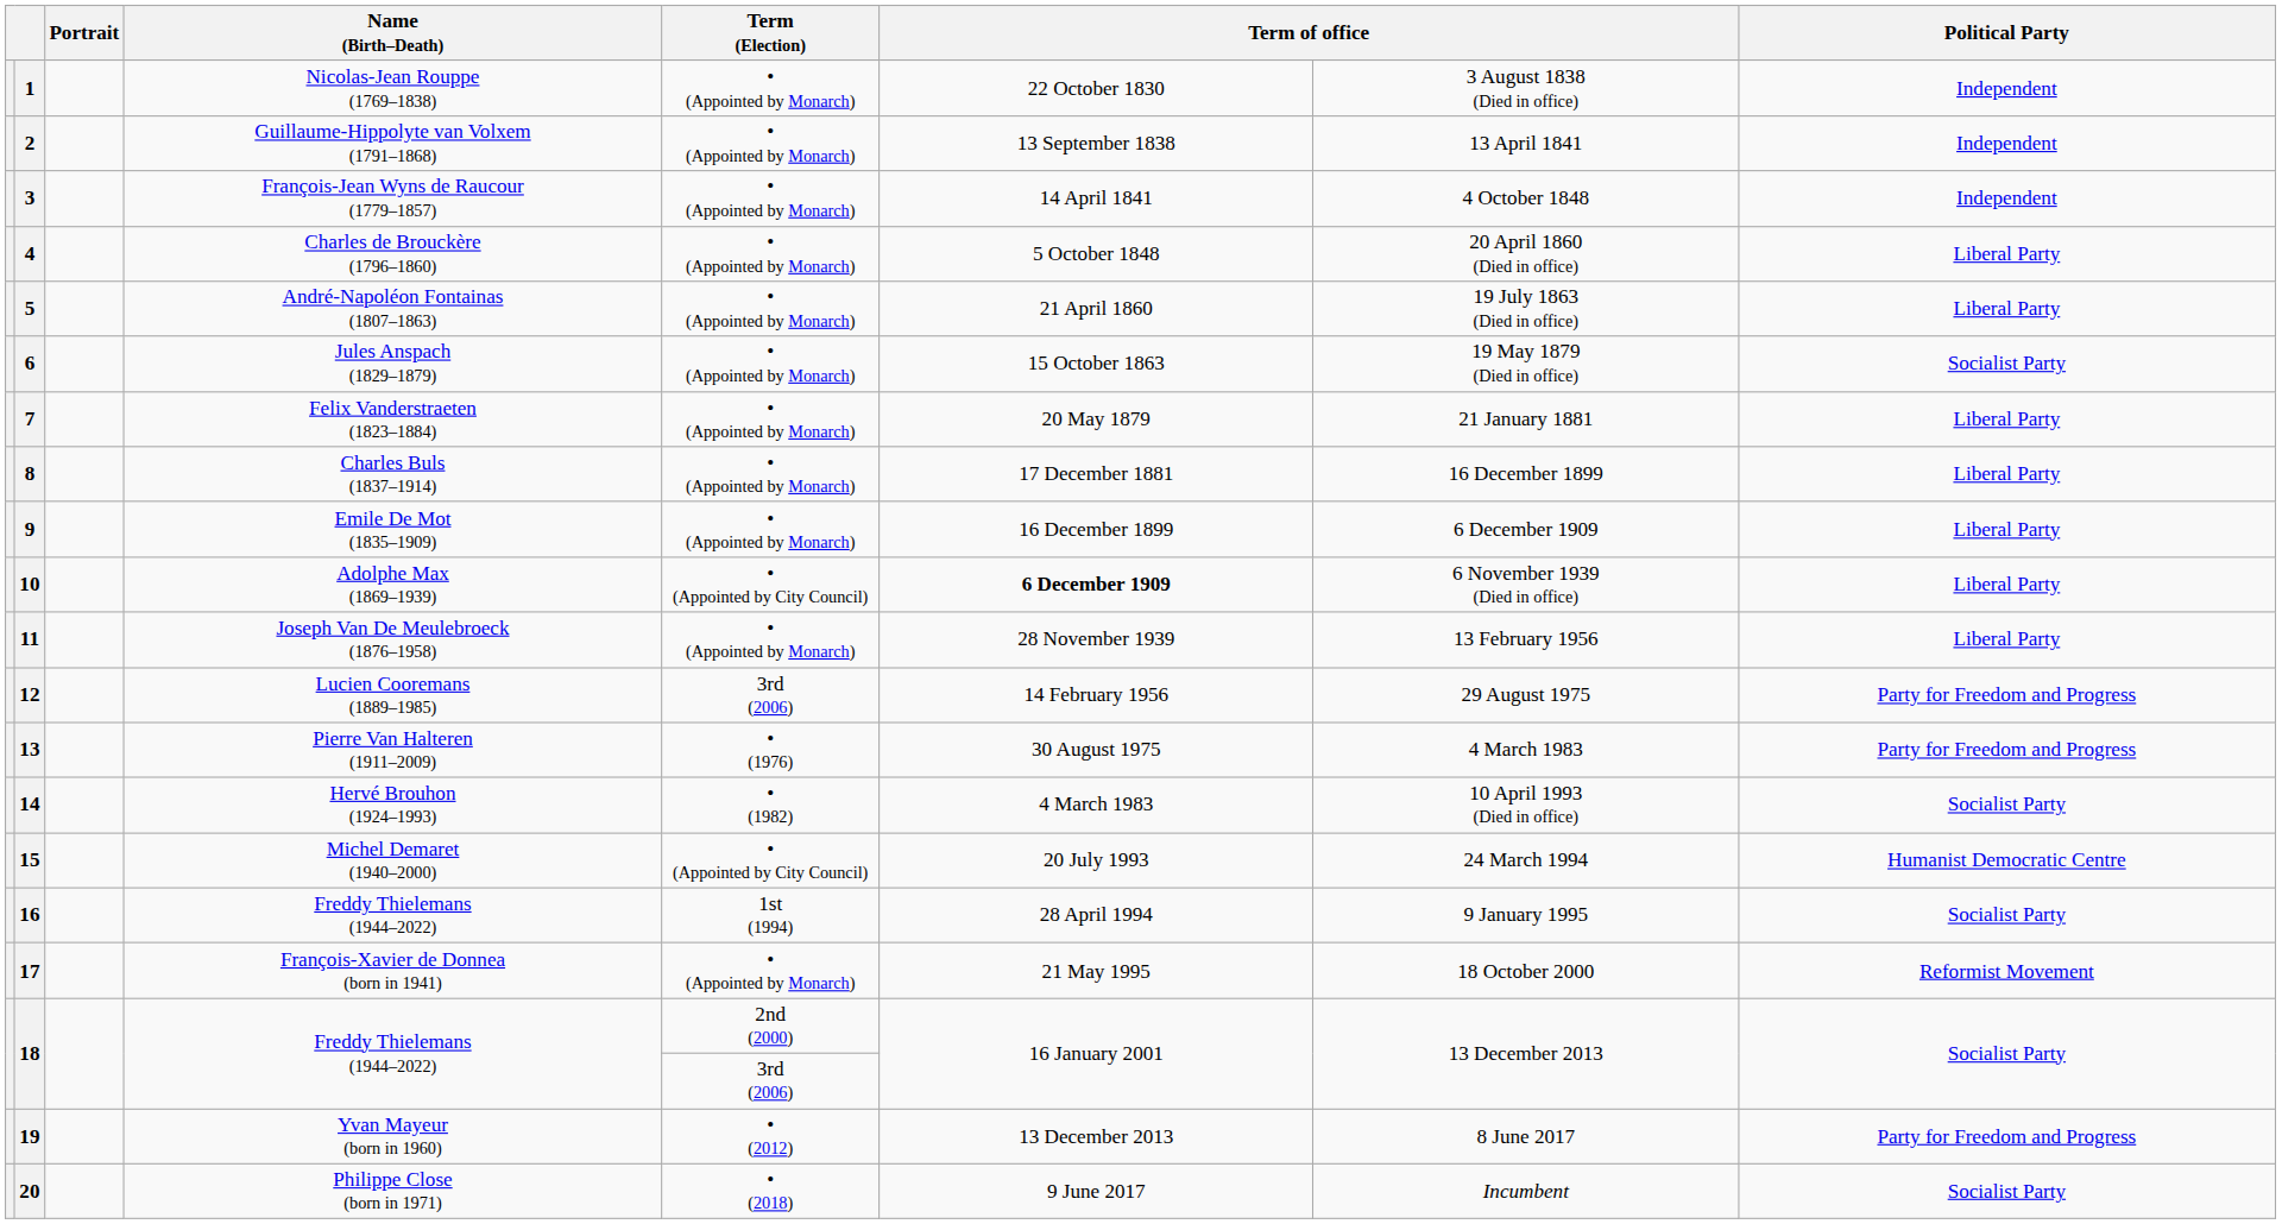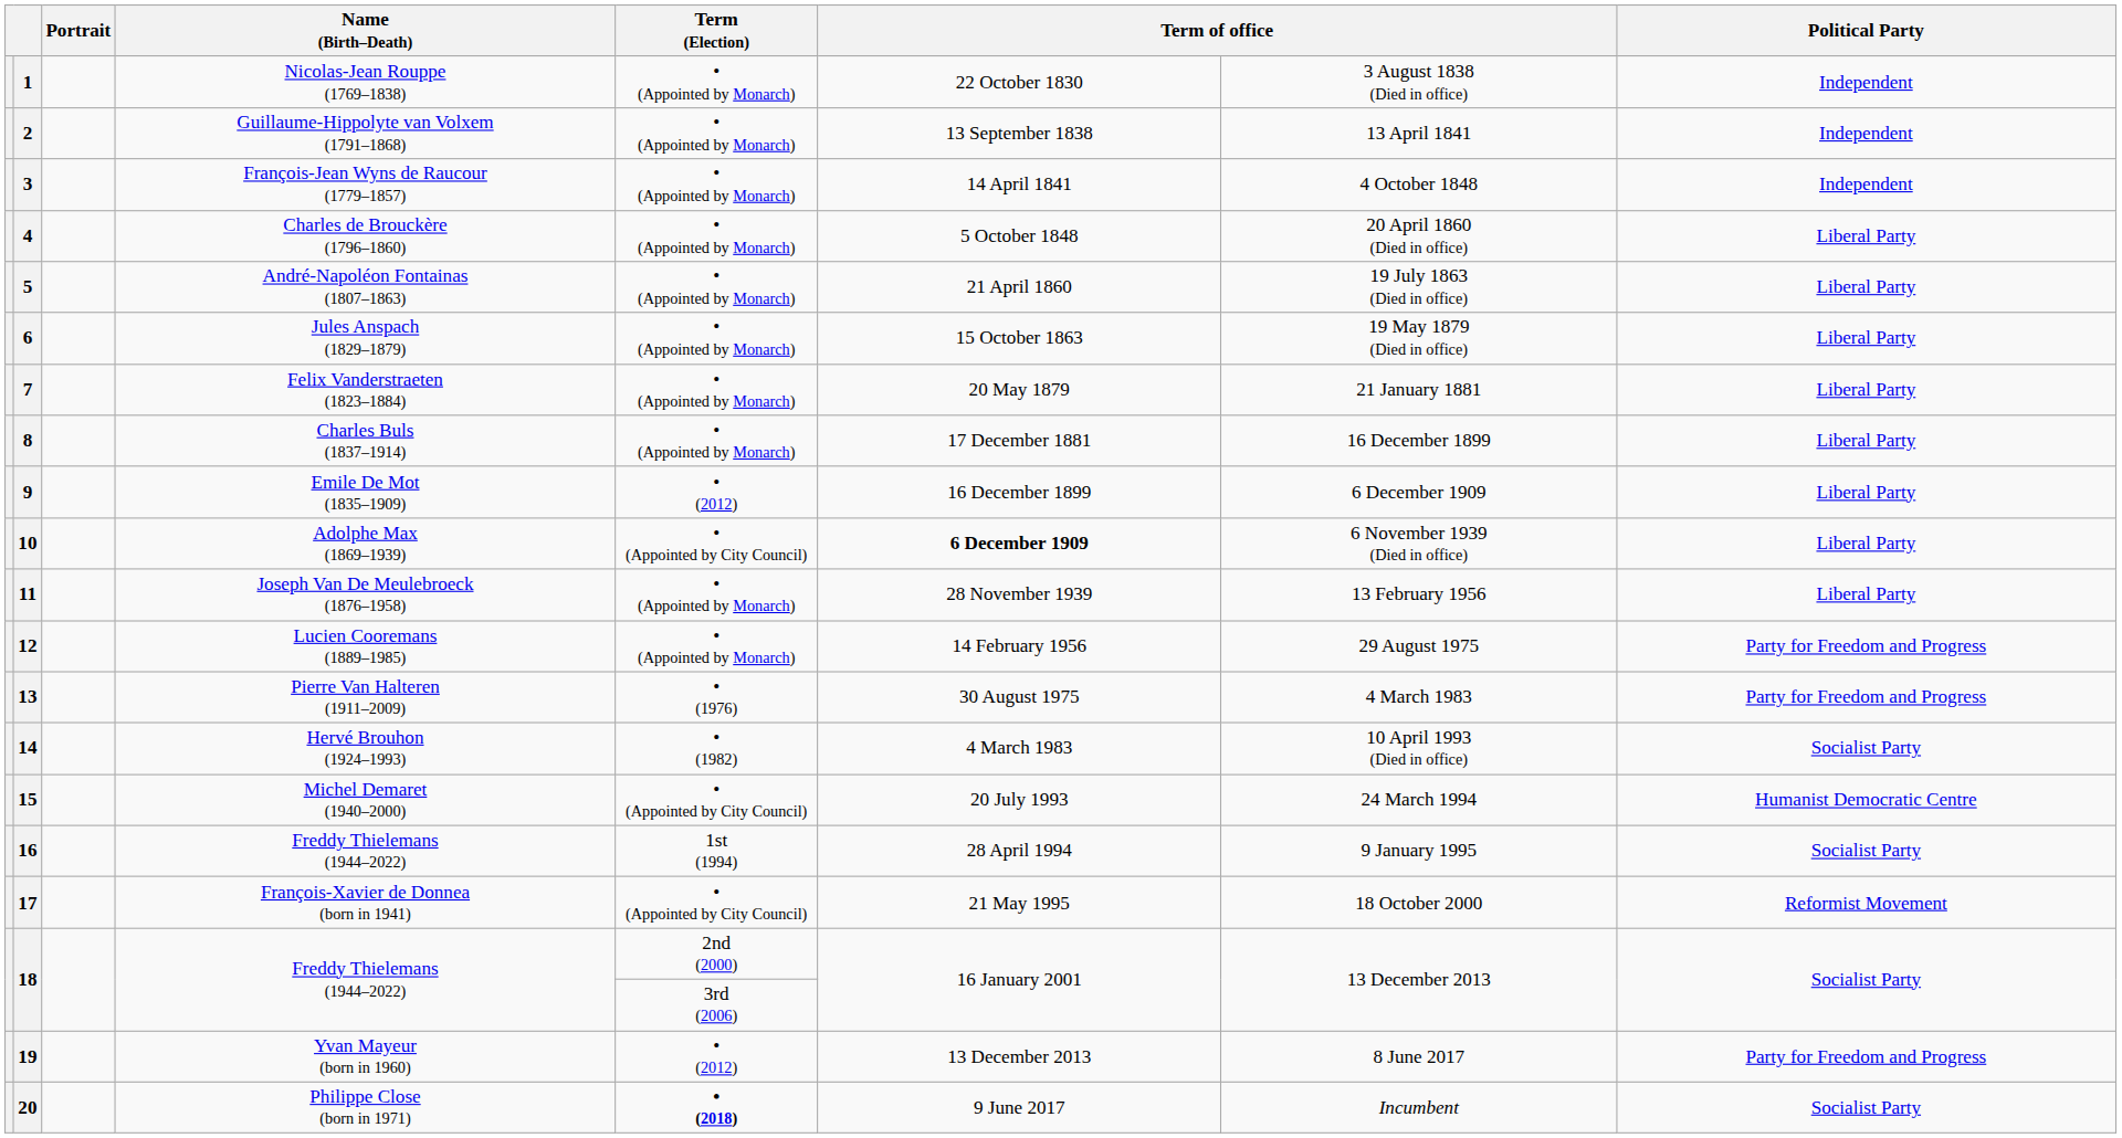 <table class="wikitable" style="width:90%; text-align:center;">
 <tr>
 <th colspan="2" width=20></th>
 <th width=70>Portrait</th>
 <th width=25%>Name<br><small>(Birth–Death)</small></th>
 <th width=10%>Term<br><small>(Election)</small></th>
 <th colspan="2" width=40%>Term of office</th>
 <th width=25%>Political Party</th>
 </tr>
 <tr>
 <th style="background:"></th>
 <th>1</th>
 <td></td>
 <td><a href='#'>Nicolas-Jean Rouppe</a><br><small>(1769–1838)</small></td>
 <td>•<br><small>(Appointed by <a href='#'>Monarch</a>)</small></td>
 <td>22 October 1830</td>
 <td>3 August 1838<br><small>(Died in office)</small></td>
 <td><a href='#'>Independent</a></td>
 </tr>
 <tr>
 <th style="background:"></th>
 <th>2</th>
 <td></td>
 <td><a href='#'>Guillaume-Hippolyte van Volxem</a><br><small>(1791–1868)</small></td>
 <td>•<br><small>(Appointed by <a href='#'>Monarch</a>)</small></td>
 <td>13 September 1838</td>
 <td>13 April 1841</td>
 <td><a href='#'>Independent</a></td>
 </tr>
 <tr>
 <th style="background:"></th>
 <th>3</th>
 <td></td>
 <td><a href='#'>François-Jean Wyns de Raucour</a><br><small>(1779–1857)</small></td>
 <td>•<br><small>(Appointed by <a href='#'>Monarch</a>)</small></td>
 <td>14 April 1841</td>
 <td>4 October 1848</td>
 <td><a href='#'>Independent</a></td>
 </tr>
 <tr>
 <th style="background:"></th>
 <th>4</th>
 <td></td>
 <td><a href='#'>Charles de Brouckère</a><br><small>(1796–1860)</small></td>
 <td>•<br><small>(Appointed by <a href='#'>Monarch</a>)</small></td>
 <td>5 October 1848</td>
 <td>20 April 1860<br><small>(Died in office)</small></td>
 <td><a href='#'>Liberal Party</a></td>
 </tr>
 <tr>
 <th style="background:"></th>
 <th>5</th>
 <td></td>
 <td><a href='#'>André-Napoléon Fontainas</a><br><small>(1807–1863)</small></td>
 <td>•<br><small>(Appointed by <a href='#'>Monarch</a>)</small></td>
 <td>21 April 1860</td>
 <td>19 July 1863<br><small>(Died in office)</small></td>
 <td><a href='#'>Liberal Party</a></td>
 </tr>
 <tr>
 <th style="background:"></th>
 <th>6</th>
 <td></td>
 <td><a href='#'>Jules Anspach</a><br><small>(1829–1879)</small></td>
 <td>•<br><small>(Appointed by <a href='#'>Monarch</a>)</small></td>
 <td>15 October 1863</td>
 <td>19 May 1879<br><small>(Died in office)</small></td>
-<td><a href='#'>Socialist Party</a></td>
+<td><a href='#'>Liberal Party</a></td>
 </tr>
 <tr>
 <th style="background:"></th>
 <th>7</th>
 <td></td>
 <td><a href='#'>Felix Vanderstraeten</a><br><small>(1823–1884)</small></td>
 <td>•<br><small>(Appointed by <a href='#'>Monarch</a>)</small></td>
 <td>20 May 1879</td>
 <td>21 January 1881</td>
 <td><a href='#'>Liberal Party</a></td>
 </tr>
 <tr>
 <th style="background:"></th>
 <th>8</th>
 <td></td>
 <td><a href='#'>Charles Buls</a><br><small>(1837–1914)</small></td>
 <td>•<br><small>(Appointed by <a href='#'>Monarch</a>)</small></td>
 <td>17 December 1881</td>
 <td>16 December 1899</td>
 <td><a href='#'>Liberal Party</a></td>
 </tr>
 <tr>
 <th style="background:"></th>
 <th>9</th>
 <td></td>
 <td><a href='#'>Emile De Mot</a><br><small>(1835–1909)</small></td>
-<td>•<br><small>(Appointed by <a href='#'>Monarch</a>)</small></td>
+<td>•<br><small>(<a href='#'>2012</a>)</small></td>
 <td>16 December 1899</td>
 <td>6 December 1909</td>
 <td><a href='#'>Liberal Party</a></td>
 </tr>
 <tr>
 <th style="background:"></th>
 <th>10</th>
 <td></td>
 <td><a href='#'>Adolphe Max</a><br><small>(1869–1939)</small></td>
 <td>•<br><small>(Appointed by City Council)</small></td>
 <td><strong>6 December 1909</strong></td>
 <td>6 November 1939<br><small>(Died in office)</small></td>
 <td><a href='#'>Liberal Party</a></td>
 </tr>
 <tr>
 <th style="background:"></th>
 <th>11</th>
 <td></td>
 <td><a href='#'>Joseph Van De Meulebroeck</a><br><small>(1876–1958)</small></td>
 <td>•<br><small>(Appointed by <a href='#'>Monarch</a>)</small></td>
 <td>28 November 1939</td>
 <td>13 February 1956</td>
 <td><a href='#'>Liberal Party</a></td>
 </tr>
 <tr>
 <th style="background:"></th>
 <th>12</th>
 <td></td>
 <td><a href='#'>Lucien Cooremans</a><br><small>(1889–1985)</small></td>
-<td>3rd<br><small>(<a href='#'>2006</a>)</small></td>
+<td>•<br><small>(Appointed by <a href='#'>Monarch</a>)</small></td>
 <td>14 February 1956</td>
 <td>29 August 1975</td>
 <td><a href='#'>Party for Freedom and Progress</a></td>
 </tr>
 <tr>
 <th style="background:"></th>
 <th>13</th>
 <td></td>
 <td><a href='#'>Pierre Van Halteren</a><br><small>(1911–2009)</small></td>
 <td>•<br><small>(1976)</small></td>
 <td>30 August 1975</td>
 <td>4 March 1983</td>
 <td><a href='#'>Party for Freedom and Progress</a></td>
 </tr>
 <tr>
 <th style="background:"></th>
 <th>14</th>
 <td></td>
 <td><a href='#'>Hervé Brouhon</a><br><small>(1924–1993)</small></td>
 <td>•<br><small>(1982)</small></td>
 <td>4 March 1983</td>
 <td>10 April 1993<br><small>(Died in office)</small></td>
 <td><a href='#'>Socialist Party</a></td>
 </tr>
 <tr>
 <th style="background:"></th>
 <th>15</th>
 <td></td>
 <td><a href='#'>Michel Demaret</a><br><small>(1940–2000)</small></td>
 <td>•<br><small>(Appointed by City Council)</small></td>
 <td>20 July 1993</td>
 <td>24 March 1994</td>
 <td><a href='#'>Humanist Democratic Centre</a></td>
 </tr>
 <tr>
 <th style="background:"></th>
 <th>16</th>
 <td></td>
 <td><a href='#'>Freddy Thielemans</a><br><small>(1944–2022)</small></td>
 <td>1st<br><small>(1994)</small></td>
 <td>28 April 1994</td>
 <td>9 January 1995</td>
 <td><a href='#'>Socialist Party</a></td>
 </tr>
 <tr>
 <th style="background:"></th>
 <th>17</th>
 <td></td>
 <td><a href='#'>François-Xavier de Donnea</a><br><small>(born in 1941)</small></td>
-<td>•<br><small>(Appointed by <a href='#'>Monarch</a>)</small></td>
+<td>•<br><small>(Appointed by City Council)</small></td>
 <td>21 May 1995</td>
 <td>18 October 2000</td>
 <td><a href='#'>Reformist Movement</a></td>
 </tr>
 <tr>
 <th rowspan=2 style="background:"></th>
 <th rowspan=2>18</th>
 <td rowspan=2></td>
 <td rowspan=2><a href='#'>Freddy Thielemans</a><br><small>(1944–2022)</small></td>
 <td>2nd<br><small>(<a href='#'>2000</a>)</small></td>
 <td rowspan=2>16 January 2001</td>
 <td rowspan=2>13 December 2013</td>
 <td rowspan=2><a href='#'>Socialist Party</a></td>
 </tr>
 <tr>
 <td>3rd<br><small>(<a href='#'>2006</a>)</small></td>
 </tr>
 <tr>
 <th style="background:"></th>
 <th>19</th>
 <td></td>
 <td><a href='#'>Yvan Mayeur</a><br><small>(born in 1960)</small></td>
 <td>•<br><small>(<a href='#'>2012</a>)</small></td>
 <td>13 December 2013</td>
 <td>8 June 2017</td>
 <td><a href='#'>Party for Freedom and Progress</a></td>
 </tr>
 <tr>
 <th style="background:"></th>
 <th>20</th>
 <td></td>
 <td><a href='#'>Philippe Close</a><br><small>(born in 1971)</small></td>
-<td>•<br><small>(<a href='#'>2018</a>)</small></td>
+<td><strong>•<br><small>(<a href='#'>2018</a>)</small></strong></td>
 <td>9 June 2017</td>
 <td><em>Incumbent</em></td>
 <td><a href='#'>Socialist Party</a></td>
 </tr>
 </table>
